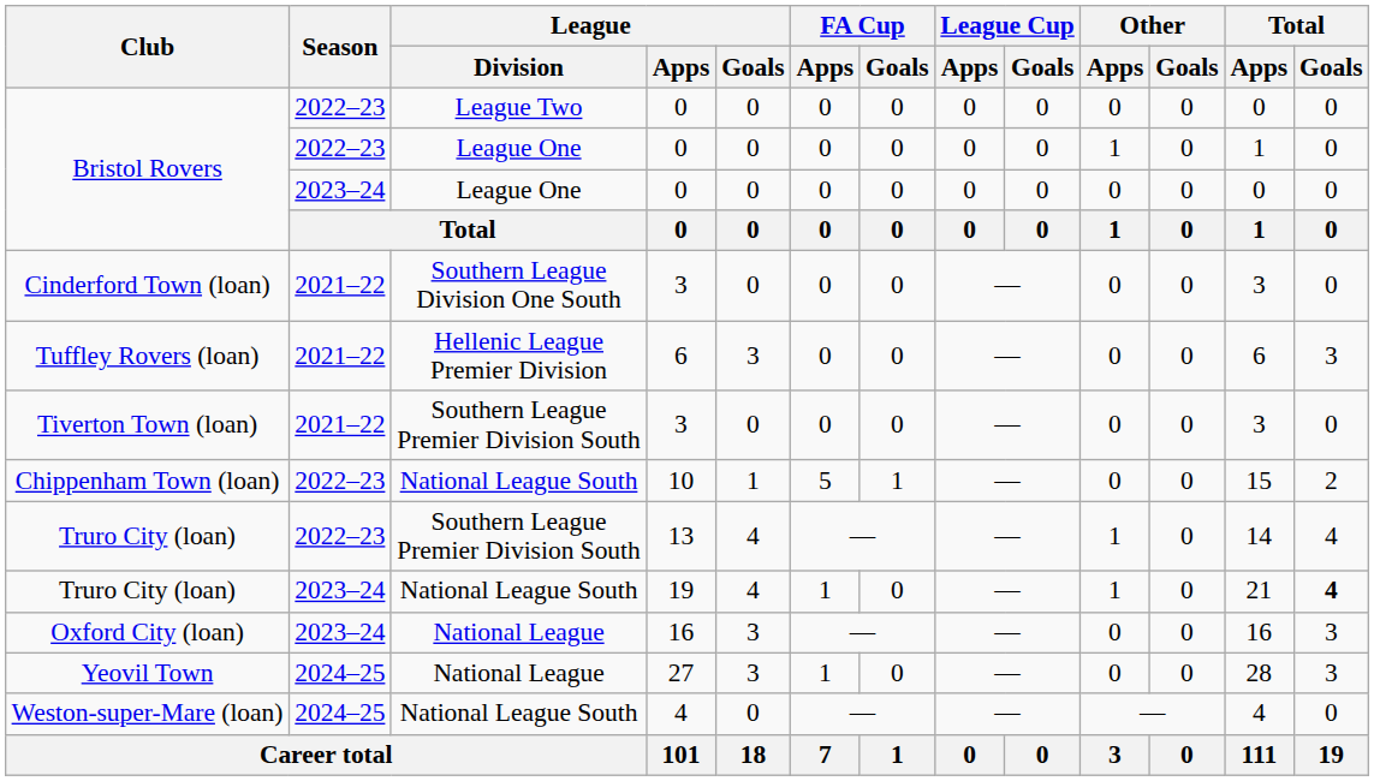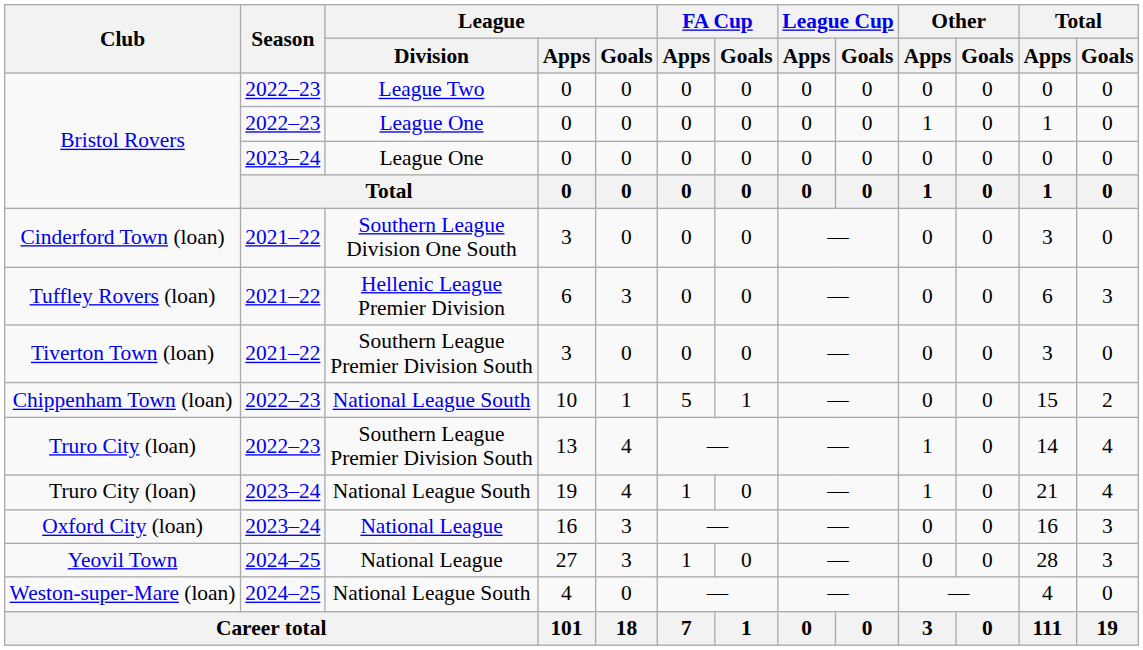 <table class="wikitable" style="text-align: center">
 <tr>
 <th rowspan="2">Club</th>
 <th rowspan="2">Season</th>
 <th colspan="3">League</th>
 <th colspan="2"><a href='#'>FA Cup</a></th>
 <th colspan="2"><a href='#'>League Cup</a></th>
 <th colspan="2">Other</th>
 <th colspan="2">Total</th>
 </tr>
 <tr>
 <th>Division</th>
 <th>Apps</th>
 <th>Goals</th>
 <th>Apps</th>
 <th>Goals</th>
 <th>Apps</th>
 <th>Goals</th>
 <th>Apps</th>
 <th>Goals</th>
 <th>Apps</th>
 <th>Goals</th>
 </tr>
 <tr>
 <td rowspan=4><a href='#'>Bristol Rovers</a></td>
 <td><a href='#'>2022–23</a></td>
 <td><a href='#'>League Two</a></td>
 <td>0</td>
 <td>0</td>
 <td>0</td>
 <td>0</td>
 <td>0</td>
 <td>0</td>
 <td>0</td>
 <td>0</td>
 <td>0</td>
 <td>0</td>
 </tr>
 <tr>
 <td><a href='#'>2022–23</a></td>
 <td><a href='#'>League One</a></td>
 <td>0</td>
 <td>0</td>
 <td>0</td>
 <td>0</td>
 <td>0</td>
 <td>0</td>
 <td>1</td>
 <td>0</td>
 <td>1</td>
 <td>0</td>
 </tr>
 <tr>
 <td><a href='#'>2023–24</a></td>
 <td>League One</td>
 <td>0</td>
 <td>0</td>
 <td>0</td>
 <td>0</td>
 <td>0</td>
 <td>0</td>
 <td>0</td>
 <td>0</td>
 <td>0</td>
 <td>0</td>
 </tr>
 <tr>
 <th colspan=2>Total</th>
 <th>0</th>
 <th>0</th>
 <th>0</th>
 <th>0</th>
 <th>0</th>
 <th>0</th>
 <th>1</th>
 <th>0</th>
 <th>1</th>
 <th>0</th>
 </tr>
 <tr>
 <td><a href='#'>Cinderford Town</a> (loan)</td>
 <td><a href='#'>2021–22</a></td>
 <td><a href='#'>Southern League</a><br>Division One South</td>
 <td>3</td>
 <td>0</td>
 <td>0</td>
 <td>0</td>
 <td colspan=2>—</td>
 <td>0</td>
 <td>0</td>
 <td>3</td>
 <td>0</td>
 </tr>
 <tr>
 <td><a href='#'>Tuffley Rovers</a> (loan)</td>
 <td><a href='#'>2021–22</a></td>
 <td><a href='#'>Hellenic League</a><br>Premier Division</td>
 <td>6</td>
 <td>3</td>
 <td>0</td>
 <td>0</td>
 <td colspan=2>—</td>
 <td>0</td>
 <td>0</td>
 <td>6</td>
 <td>3</td>
 </tr>
 <tr>
 <td><a href='#'>Tiverton Town</a> (loan)</td>
 <td><a href='#'>2021–22</a></td>
 <td>Southern League<br>Premier Division South</td>
 <td>3</td>
 <td>0</td>
 <td>0</td>
 <td>0</td>
 <td colspan="2">—</td>
 <td>0</td>
 <td>0</td>
 <td>3</td>
 <td>0</td>
 </tr>
 <tr>
 <td><a href='#'>Chippenham Town</a> (loan)</td>
 <td><a href='#'>2022–23</a></td>
 <td><a href='#'>National League South</a></td>
 <td>10</td>
 <td>1</td>
 <td>5</td>
 <td>1</td>
 <td colspan="2">—</td>
 <td>0</td>
 <td>0</td>
 <td>15</td>
 <td>2</td>
 </tr>
 <tr>
 <td><a href='#'>Truro City</a> (loan)</td>
 <td><a href='#'>2022–23</a></td>
 <td>Southern League<br>Premier Division South</td>
 <td>13</td>
 <td>4</td>
 <td colspan="2">—</td>
 <td colspan="2">—</td>
 <td>1</td>
 <td>0</td>
 <td>14</td>
 <td>4</td>
 </tr>
 <tr>
 <td>Truro City (loan)</td>
 <td><a href='#'>2023–24</a></td>
 <td>National League South</td>
 <td>19</td>
 <td>4</td>
 <td>1</td>
 <td>0</td>
 <td colspan="2">—</td>
 <td>1</td>
 <td>0</td>
 <td>21</td>
-<td><strong>4</strong></td>
+<td>4</td>
 </tr>
 <tr>
 <td><a href='#'>Oxford City</a> (loan)</td>
 <td><a href='#'>2023–24</a></td>
 <td><a href='#'>National League</a></td>
 <td>16</td>
 <td>3</td>
 <td colspan="2">—</td>
 <td colspan="2">—</td>
 <td>0</td>
 <td>0</td>
 <td>16</td>
 <td>3</td>
 </tr>
 <tr>
 <td><a href='#'>Yeovil Town</a></td>
 <td><a href='#'>2024–25</a></td>
 <td>National League</td>
 <td>27</td>
 <td>3</td>
 <td>1</td>
 <td>0</td>
 <td colspan="2">—</td>
 <td>0</td>
 <td>0</td>
 <td>28</td>
 <td>3</td>
 </tr>
 <tr>
 <td><a href='#'>Weston-super-Mare</a> (loan)</td>
 <td><a href='#'>2024–25</a></td>
 <td>National League South</td>
 <td>4</td>
 <td>0</td>
 <td colspan="2">—</td>
 <td colspan="2">—</td>
 <td colspan="2">—</td>
 <td>4</td>
 <td>0</td>
 </tr>
 <tr>
 <th colspan="3">Career total</th>
 <th>101</th>
 <th>18</th>
 <th>7</th>
 <th>1</th>
 <th>0</th>
 <th>0</th>
 <th>3</th>
 <th>0</th>
 <th>111</th>
 <th>19</th>
 </tr>
 </table>
